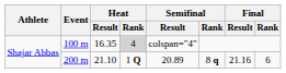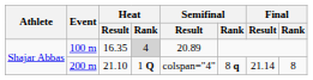 <table class="wikitable" style="font-size:90%; text-align:center">
 <tr>
 <th rowspan=2>Athlete</th>
 <th rowspan=2>Event</th>
 <th colspan=2>Heat</th>
 <th colspan=2>Semifinal</th>
 <th colspan=2>Final</th>
 </tr>
 <tr style="font-size:95%">
 <th>Result</th>
 <th>Rank</th>
 <th>Result</th>
 <th>Rank</th>
 <th>Result</th>
 <th>Rank</th>
 </tr>
 <tr>
 <td align=left rowspan=2><a href='#'>Shajar Abbas</a></td>
 <td align=left rowspan=1><a href='#'>100 m</a></td>
 <td>16.35</td>
 <td style="background: lightgrey;">4</td>
-<td>colspan="4" </td>
+<td>20.89</td>
 </tr>
 <tr>
 <td align=left rowspan=1><a href='#'>200 m</a></td>
 <td>21.10</td>
 <td>1 <strong>Q</strong></td>
-<td>20.89</td>
+<td>colspan="4" </td>
 <td>8 <strong>q</strong></td>
-<td>21.16</td>
-<td>6</td>
+<td>21.14</td>
+<td>8</td>
 </tr>
 </table>
